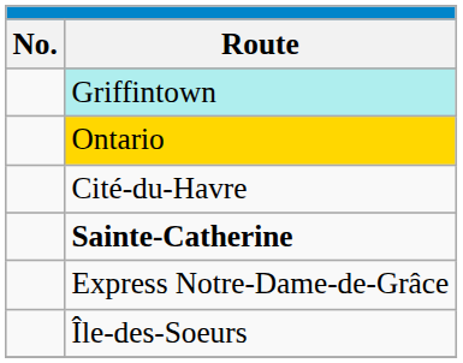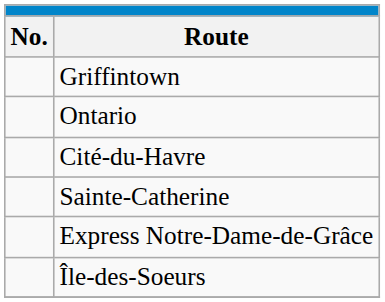 <table align=center class="wikitable">
 <tr>
 <th style="background: #0085CA; font-size:100%; color:#FFFFFF;"colspan="4"><a href='#'></a></th>
 </tr>
 <tr>
 <th>No.</th>
 <th>Route</th>
 </tr>
 <tr>
 <td></td>
-<td style="background: paleturquoise;">Griffintown</td>
+<td>Griffintown</td>
 </tr>
 <tr>
 <td></td>
-<td style="background: gold;">Ontario</td>
+<td>Ontario</td>
 </tr>
 <tr>
 <td></td>
 <td>Cité-du-Havre</td>
 </tr>
 <tr>
 <td {{Avoid wrap> </td>
-<td><strong>Sainte-Catherine</strong></td>
+<td>Sainte-Catherine</td>
 </tr>
 <tr>
 <td></td>
 <td>Express Notre-Dame-de-Grâce</td>
 </tr>
 <tr>
 <td></td>
 <td>Île-des-Soeurs</td>
 </tr>
 <tr>
 </tr>
 </table>
